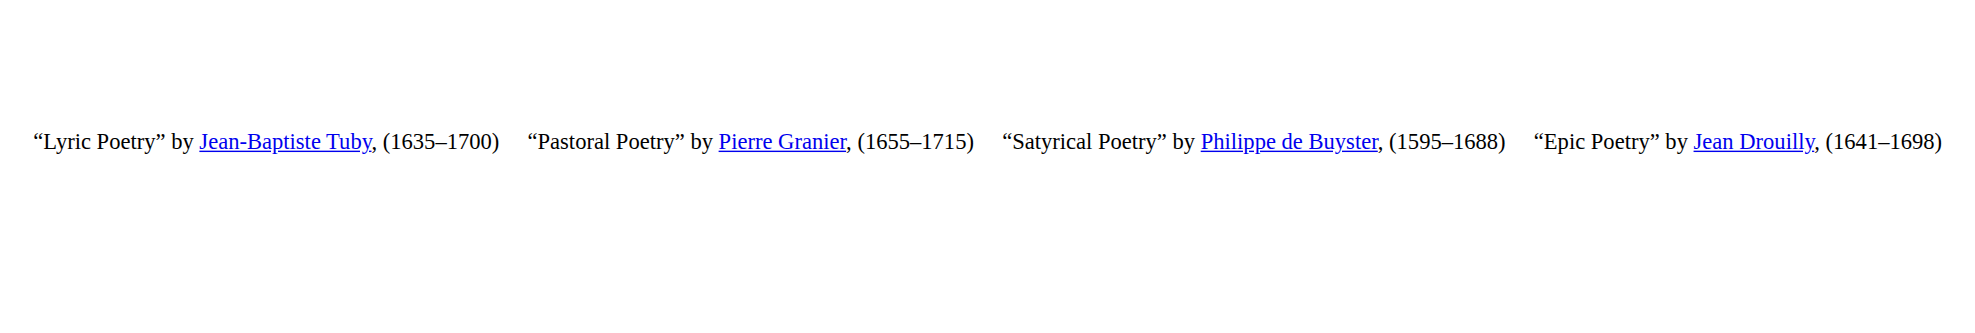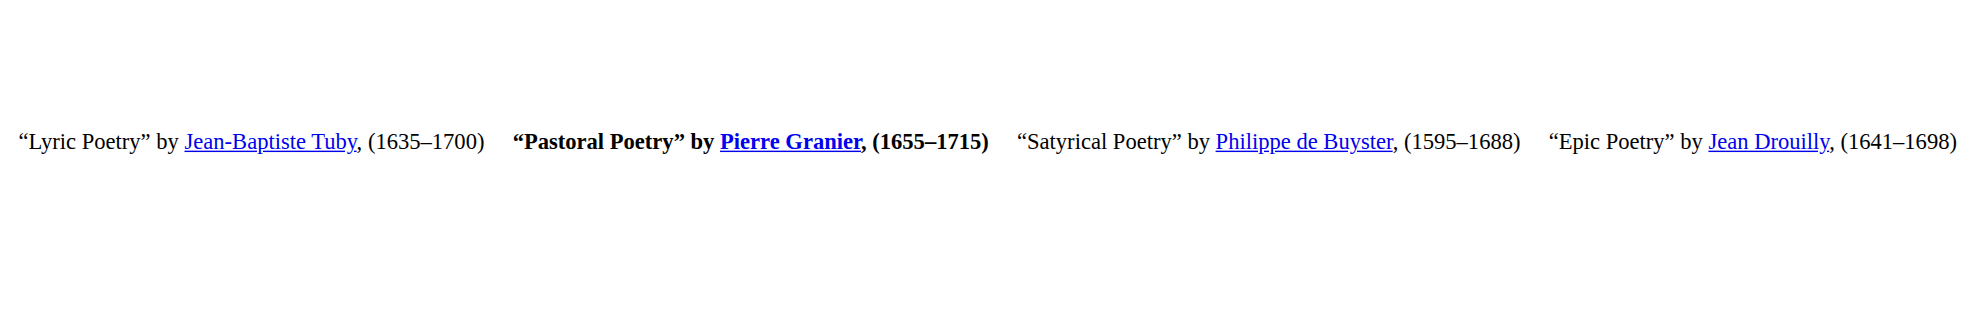 <table style="background:white; color:black" border="0" height="230" align="center" valign="bottom" cellpadding=10px cellspacing=0px>
 <tr align="center">
 <td></td>
 <td></td>
 <td></td>
 <td></td>
 </tr>
 <tr align="center" valign="top">
 <td width=“200”>“Lyric Poetry” by <a href='#'>Jean-Baptiste Tuby</a>, (1635–1700)</td>
-<td width=“200”>“Pastoral Poetry” by <a href='#'>Pierre Granier</a>, (1655–1715)</td>
+<td width=“200”><strong>“Pastoral Poetry” by <a href='#'>Pierre Granier</a>, (1655–1715)</strong></td>
 <td width=“200”>“Satyrical Poetry” by <a href='#'>Philippe de Buyster</a>, (1595–1688)</td>
 <td width=“200”>“Epic Poetry” by <a href='#'>Jean Drouilly</a>, (1641–1698)</td>
 </tr>
 </table>
